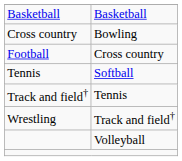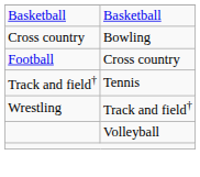 <table class="wikitable" style="float:center">
 <tr>
 </tr>
 <tr>
 <td><a href='#'>Basketball</a></td>
 <td><a href='#'>Basketball</a></td>
 </tr>
 <tr>
 <td>Cross country</td>
 <td>Bowling</td>
 </tr>
 <tr>
 <td><a href='#'>Football</a></td>
 <td>Cross country</td>
-</tr>
-<tr>
-<td>Tennis</td>
-<td><a href='#'>Softball</a></td>
 </tr>
 <tr>
 <td>Track and field<sup>†</sup></td>
 <td>Tennis</td>
 </tr>
 <tr>
 <td>Wrestling</td>
 <td>Track and field<sup>†</sup></td>
 </tr>
 <tr>
 <td></td>
 <td>Volleyball</td>
 </tr>
 <tr>
 <td colspan="2"></td>
 </tr>
 </table>
